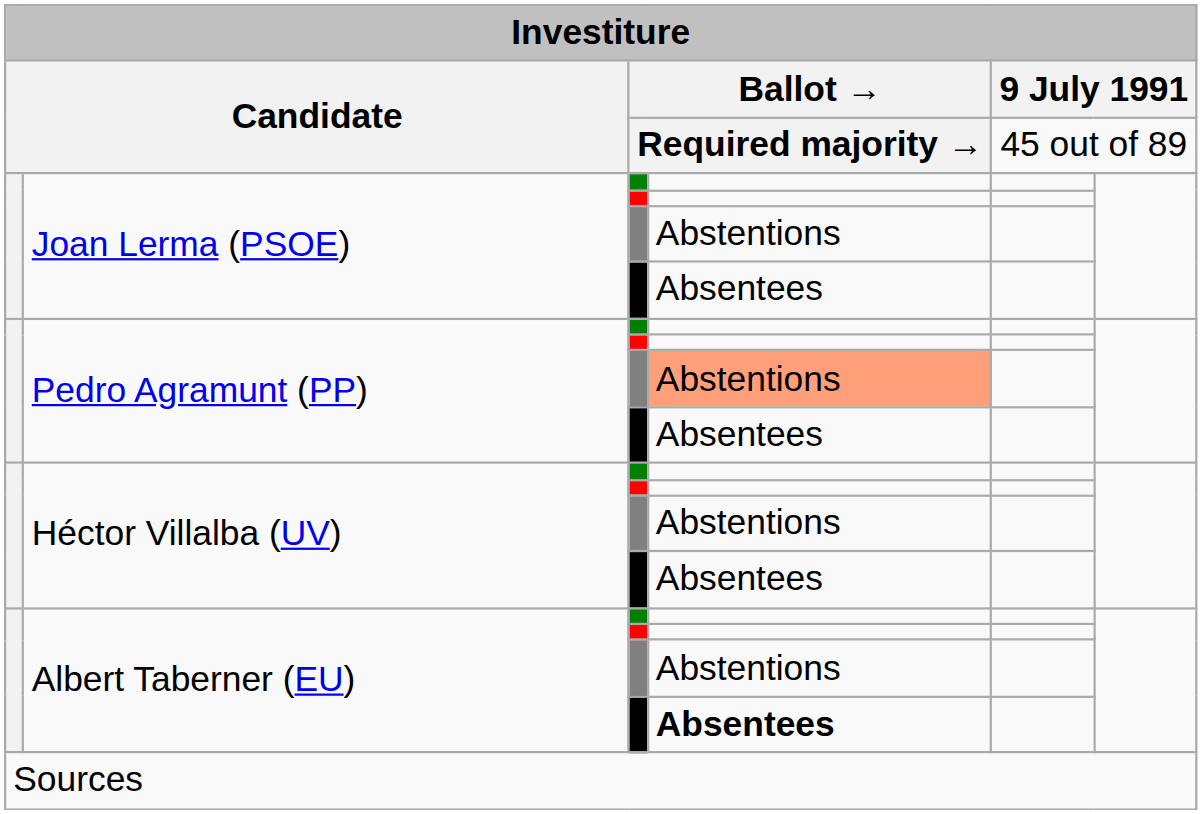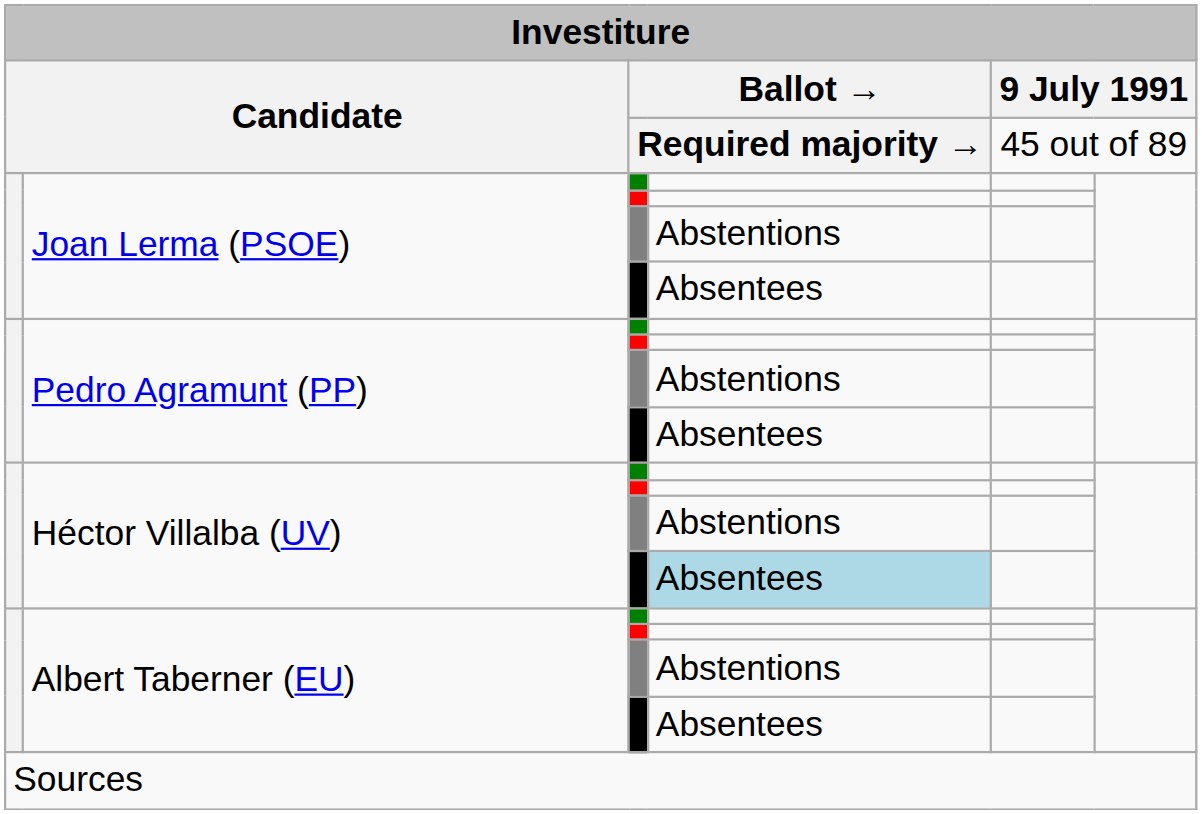 <table class="wikitable" style="text-align:center;">
 <tr>
 <td colspan="6" align="center" bgcolor="#C0C0C0"><strong>Investiture</strong></td>
 </tr>
 <tr>
 <th colspan="2" rowspan="2" width="275px">Candidate</th>
 <th colspan="2" width="150px">Ballot →</th>
 <th colspan="2">9 July 1991</th>
 </tr>
 <tr>
 <th colspan="2">Required majority →</th>
 <td colspan="2">45 out of 89</td>
 </tr>
 <tr>
 <th width="1px" rowspan="4" style="background:"></th>
 <td rowspan="4" align="left"><a href='#'>Joan Lerma</a> (<a href='#'>PSOE</a>)</td>
 <th width="1px" style="background:green;"></th>
 <td align="left"></td>
 <td></td>
 <td rowspan="4"></td>
 </tr>
 <tr>
 <th style="color:inherit;background:red;"></th>
 <td align="left"></td>
 <td></td>
 </tr>
 <tr>
 <th style="color:inherit;background:gray;"></th>
 <td align="left"><span>Abstentions</span></td>
 <td></td>
 </tr>
 <tr>
 <th style="color:inherit;background:black;"></th>
 <td align="left"><span>Absentees</span></td>
 <td></td>
 </tr>
 <tr>
 <th rowspan="4" style="background:"></th>
 <td rowspan="4" align="left"><a href='#'>Pedro Agramunt</a> (<a href='#'>PP</a>)</td>
 <th width="1px" style="background:green;"></th>
 <td align="left"></td>
 <td></td>
 <td rowspan="4"></td>
 </tr>
 <tr>
 <th style="color:inherit;background:red;"></th>
 <td align="left"></td>
 <td></td>
 </tr>
 <tr>
 <th style="color:inherit;background:gray;"></th>
-<td align="left" style="background: lightsalmon;"><span>Abstentions</span></td>
+<td align="left"><span>Abstentions</span></td>
 <td></td>
 </tr>
 <tr>
 <th style="color:inherit;background:black;"></th>
 <td align="left"><span>Absentees</span></td>
 <td></td>
 </tr>
 <tr>
 <th rowspan="4" style="background:"></th>
 <td rowspan="4" align="left">Héctor Villalba (<a href='#'>UV</a>)</td>
 <th width="1px" style="background:green;"></th>
 <td align="left"></td>
 <td></td>
 <td rowspan="4"></td>
 </tr>
 <tr>
 <th style="color:inherit;background:red;"></th>
 <td align="left"></td>
 <td></td>
 </tr>
 <tr>
 <th style="color:inherit;background:gray;"></th>
 <td align="left"><span>Abstentions</span></td>
 <td></td>
 </tr>
 <tr>
 <th style="color:inherit;background:black;"></th>
-<td align="left"><span>Absentees</span></td>
+<td align="left" style="background: lightblue;"><span>Absentees</span></td>
 <td></td>
 </tr>
 <tr>
 <th rowspan="4" style="background:"></th>
 <td rowspan="4" align="left">Albert Taberner (<a href='#'>EU</a>)</td>
 <th width="1px" style="background:green;"></th>
 <td align="left"></td>
 <td></td>
 <td rowspan="4"></td>
 </tr>
 <tr>
 <th style="color:inherit;background:red;"></th>
 <td align="left"></td>
 <td></td>
 </tr>
 <tr>
 <th style="color:inherit;background:gray;"></th>
 <td align="left"><span>Abstentions</span></td>
 <td></td>
 </tr>
 <tr>
 <th style="color:inherit;background:black;"></th>
-<td align="left"><strong><span>Absentees</span></strong></td>
+<td align="left"><span>Absentees</span></td>
 <td></td>
 </tr>
 <tr>
 <td align="left" colspan="6">Sources</td>
 </tr>
 </table>
